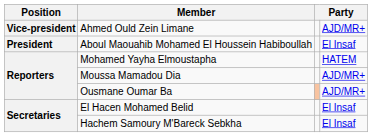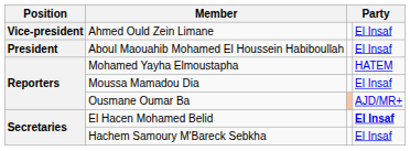 <table class="wikitable" style="text-align:left;font-size:95%;">
 <tr>
 <th>Position</th>
 <th>Member</th>
 <th colspan=2>Party</th>
 </tr>
 <tr>
 <th style="text-align:left;">Vice-president</th>
 <td>Ahmed Ould Zein Limane</td>
 <td width="1" style="color:inherit;background:"></td>
-<td style="text-align:left;"><a href='#'>AJD/MR+</a></td>
+<td style="text-align:left;"><a href='#'>El Insaf</a></td>
 </tr>
 <tr>
 <th style="text-align:left;">President</th>
 <td>Aboul Maouahib Mohamed El Houssein Habiboullah</td>
 <td width="1" style="color:inherit;background:"></td>
 <td style="text-align:left;"><a href='#'>El Insaf</a></td>
 </tr>
 <tr>
 <th style="text-align:left;" rowspan=3>Reporters</th>
 <td>Mohamed Yayha Elmoustapha</td>
 <td width="1" style="color:inherit;background:"></td>
 <td style="text-align:left;"><a href='#'>HATEM</a></td>
 </tr>
 <tr>
 <td>Moussa Mamadou Dia</td>
 <td width="1" style="color:inherit;background:"></td>
-<td style="text-align:left;"><a href='#'>AJD/MR+</a></td>
+<td style="text-align:left;"><a href='#'>El Insaf</a></td>
 </tr>
 <tr>
 <td>Ousmane Oumar Ba</td>
 <td width="1" style="color:inherit;background:#F8C3A0;"></td>
 <td style="text-align:left;"><a href='#'>AJD/MR+</a></td>
 </tr>
 <tr>
 <th style="text-align:left;" rowspan=2>Secretaries</th>
 <td>El Hacen Mohamed Belid</td>
 <td width="1" style="color:inherit;background:"></td>
-<td style="text-align:left;"><a href='#'>El Insaf</a></td>
+<td style="text-align:left;"><strong><a href='#'>El Insaf</a></strong></td>
 </tr>
 <tr>
 <td>Hachem Samoury M'Bareck Sebkha</td>
 <td width="1" style="color:inherit;background:"></td>
 <td style="text-align:left;"><a href='#'>El Insaf</a></td>
 </tr>
 </table>
